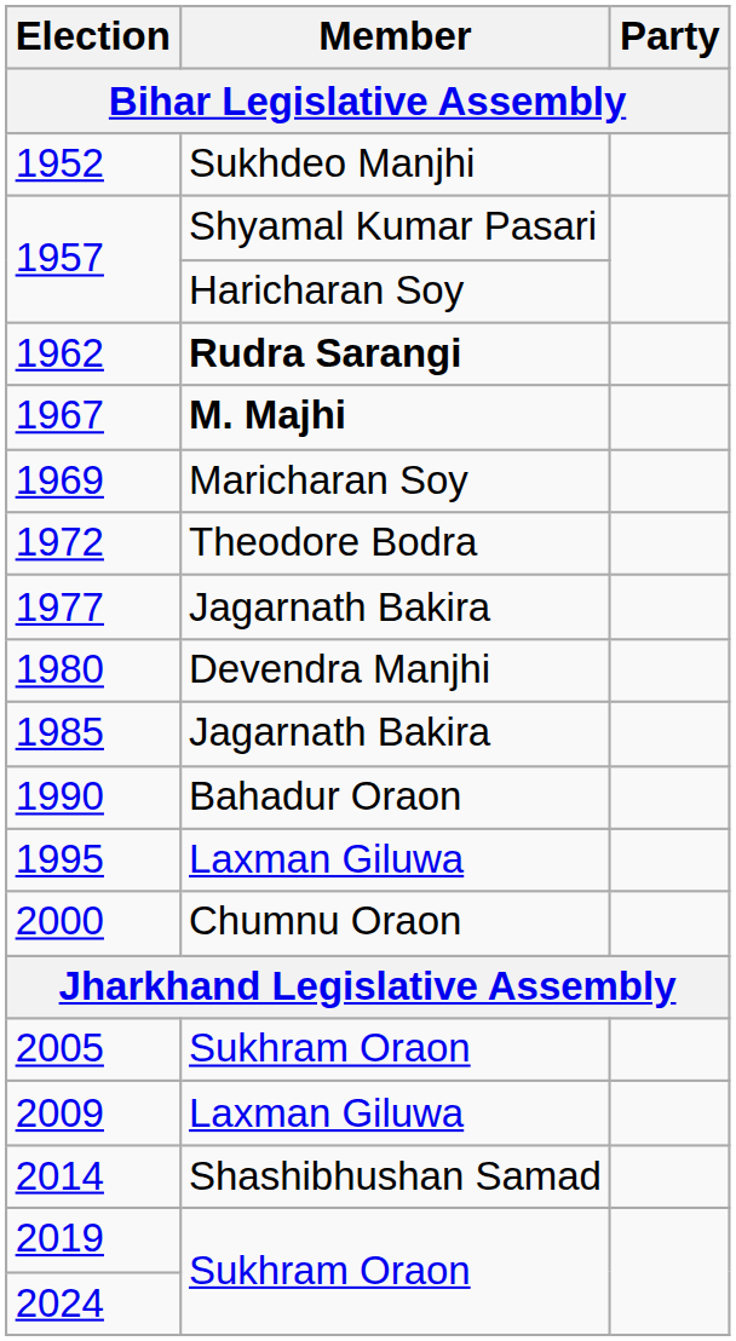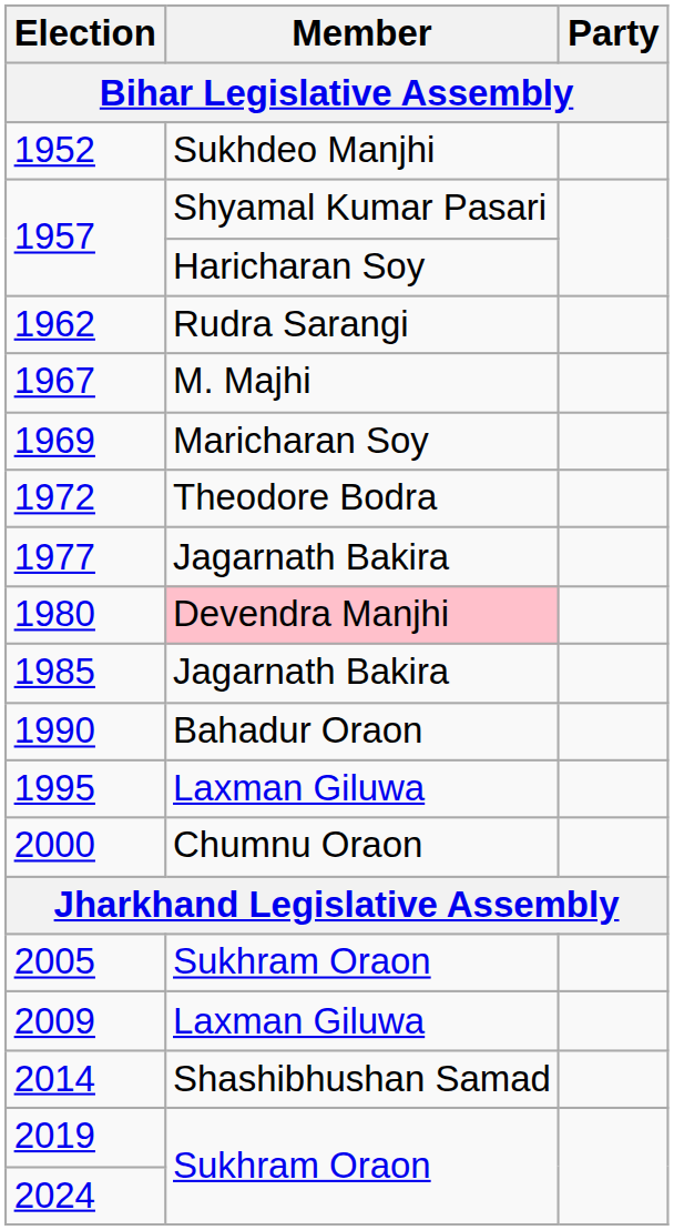 <table class="wikitable sortable">
 <tr>
 <th>Election</th>
 <th>Member</th>
 <th colspan=2>Party</th>
 </tr>
 <tr>
 <th colspan=4><a href='#'>Bihar Legislative Assembly</a></th>
 </tr>
 <tr>
 <td><a href='#'>1952</a></td>
 <td>Sukhdeo Manjhi</td>
 <td></td>
 </tr>
 <tr>
 <td rowspan="2"><a href='#'>1957</a></td>
 <td>Shyamal Kumar Pasari</td>
 </tr>
 <tr>
 <td>Haricharan Soy</td>
 </tr>
 <tr>
 <td><a href='#'>1962</a></td>
-<td><strong>Rudra Sarangi</strong></td>
+<td>Rudra Sarangi</td>
 <td></td>
 </tr>
 <tr>
 <td><a href='#'>1967</a></td>
-<td><strong>M. Majhi</strong></td>
+<td>M. Majhi</td>
 <td></td>
 </tr>
 <tr>
 <td><a href='#'>1969</a></td>
 <td>Maricharan Soy</td>
 <td></td>
 </tr>
 <tr>
 <td><a href='#'>1972</a></td>
 <td>Theodore Bodra</td>
 <td></td>
 </tr>
 <tr>
 <td><a href='#'>1977</a></td>
 <td>Jagarnath Bakira</td>
 <td></td>
 </tr>
 <tr>
 <td><a href='#'>1980</a></td>
-<td>Devendra Manjhi</td>
+<td style="background: pink;">Devendra Manjhi</td>
 <td></td>
 </tr>
 <tr>
 <td><a href='#'>1985</a></td>
 <td>Jagarnath Bakira</td>
 <td></td>
 </tr>
 <tr>
 <td><a href='#'>1990</a></td>
 <td>Bahadur Oraon</td>
 <td></td>
 </tr>
 <tr>
 <td><a href='#'>1995</a></td>
 <td><a href='#'>Laxman Giluwa</a></td>
 <td></td>
 </tr>
 <tr>
 <td><a href='#'>2000</a></td>
 <td>Chumnu Oraon</td>
 </tr>
 <tr>
 <th colspan=4><a href='#'>Jharkhand Legislative Assembly</a></th>
 </tr>
 <tr>
 <td><a href='#'>2005</a></td>
 <td><a href='#'>Sukhram Oraon</a></td>
 <td></td>
 </tr>
 <tr>
 <td><a href='#'>2009</a></td>
 <td><a href='#'>Laxman Giluwa</a></td>
 <td></td>
 </tr>
 <tr>
 <td><a href='#'>2014</a></td>
 <td>Shashibhushan Samad</td>
 <td></td>
 </tr>
 <tr>
 <td><a href='#'>2019</a></td>
 <td rowspan=2><a href='#'>Sukhram Oraon</a></td>
 </tr>
 <tr>
 <td><a href='#'>2024</a></td>
 </tr>
 </table>
